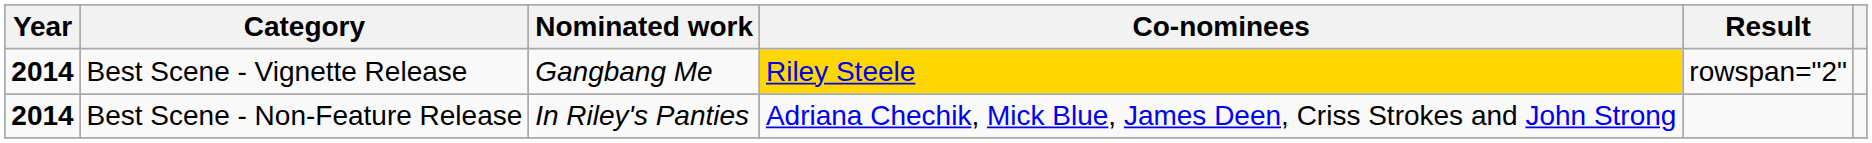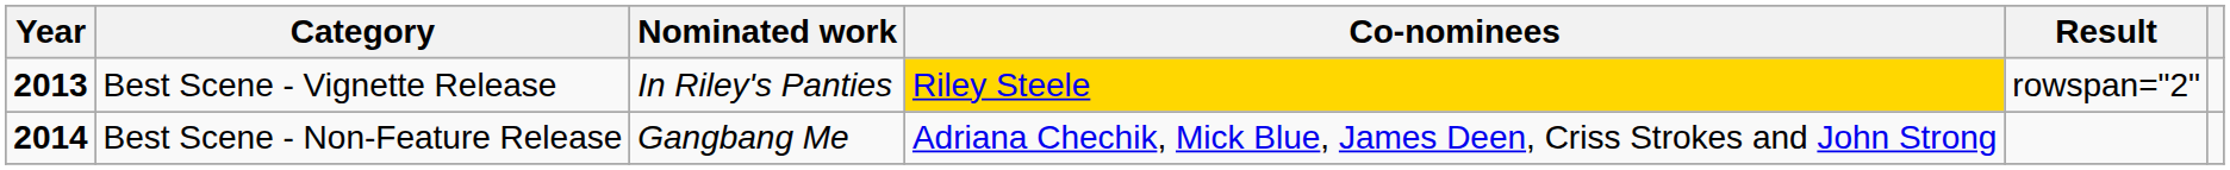 <table class="wikitable">
 <tr>
 <th>Year</th>
 <th>Category</th>
 <th>Nominated work</th>
 <th>Co-nominees</th>
 <th>Result</th>
 <th></th>
 </tr>
 <tr>
-<td><strong>2014</strong></td>
+<td><strong>2013</strong></td>
 <td>Best Scene - Vignette Release</td>
-<td><em>Gangbang Me</em></td>
+<td><em>In Riley's Panties</em></td>
 <td style="background: gold;"><a href='#'>Riley Steele</a></td>
 <td>rowspan="2" </td>
 <td></td>
 </tr>
 <tr>
 <td><strong>2014</strong></td>
 <td>Best Scene - Non-Feature Release</td>
-<td><em>In Riley's Panties</em></td>
+<td><em>Gangbang Me</em></td>
 <td><a href='#'>Adriana Chechik</a>, <a href='#'>Mick Blue</a>, <a href='#'>James Deen</a>, Criss Strokes and <a href='#'>John Strong</a></td>
 <td></td>
 </tr>
 </table>
